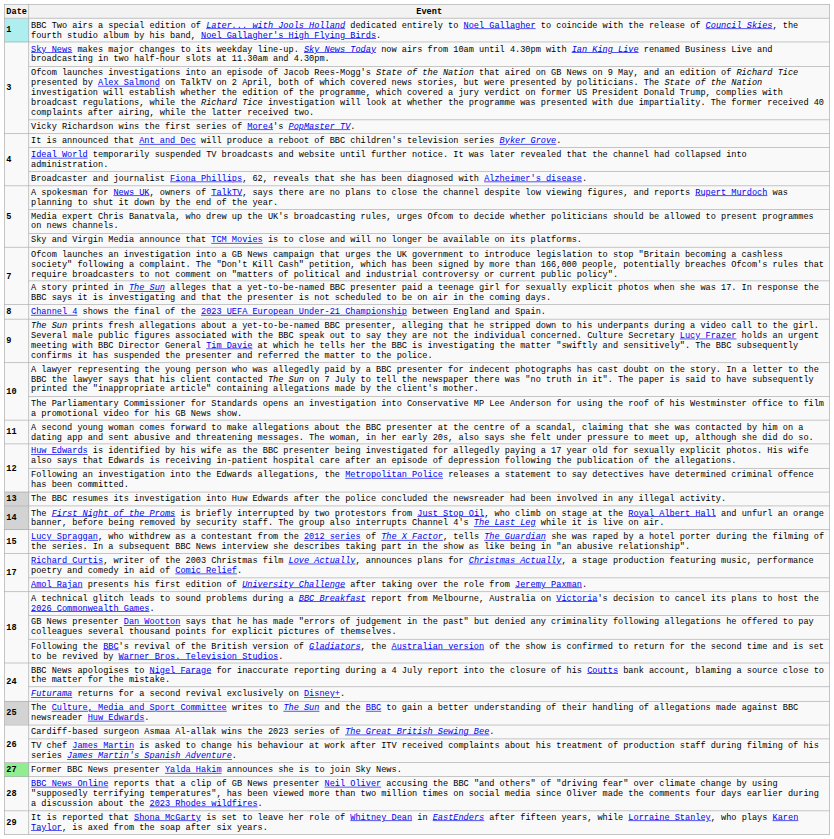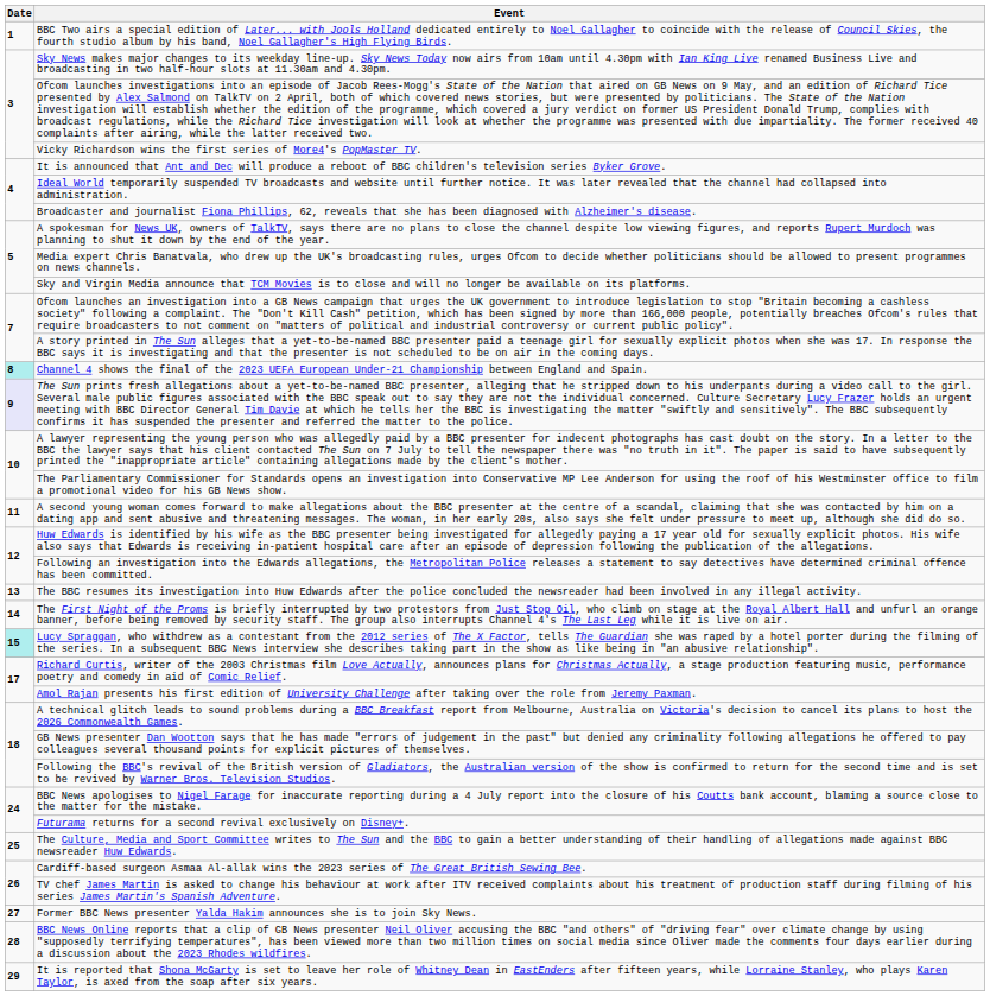 <table class="wikitable">
 <tr>
 <th>Date</th>
 <th>Event</th>
 </tr>
 <tr>
-<td style="background: paleturquoise;"><strong>1</strong></td>
+<td><strong>1</strong></td>
 <td>BBC Two airs a special edition of <em><a href='#'>Later... with Jools Holland</a></em> dedicated entirely to <a href='#'>Noel Gallagher</a> to coincide with the release of <em><a href='#'>Council Skies</a></em>, the fourth studio album by his band, <a href='#'>Noel Gallagher's High Flying Birds</a>.</td>
 </tr>
 <tr>
 <td rowspan=3><strong>3</strong></td>
 <td><a href='#'>Sky News</a> makes major changes to its weekday line-up. <em><a href='#'>Sky News Today</a></em> now airs from 10am until 4.30pm with <em><a href='#'>Ian King Live</a></em> renamed Business Live and broadcasting in two half-hour slots at 11.30am and 4.30pm.</td>
 </tr>
 <tr>
 <td>Ofcom launches investigations into an episode of Jacob Rees-Mogg's <em>State of the Nation</em> that aired on GB News on 9 May, and an edition of <em>Richard Tice</em> presented by <a href='#'>Alex Salmond</a> on TalkTV on 2 April, both of which covered news stories, but were presented by politicians. The <em>State of the Nation</em> investigation will establish whether the edition of the programme, which covered a jury verdict on former US President Donald Trump, complies with broadcast regulations, while the <em>Richard Tice</em> investigation will look at whether the programme was presented with due impartiality. The former received 40 complaints after airing, while the latter received two.</td>
 </tr>
 <tr>
 <td>Vicky Richardson wins the first series of <a href='#'>More4</a>'s <em><a href='#'>PopMaster TV</a></em>.</td>
 </tr>
 <tr>
 <td rowspan=3><strong>4</strong></td>
 <td>It is announced that <a href='#'>Ant and Dec</a> will produce a reboot of BBC children's television series <em><a href='#'>Byker Grove</a></em>.</td>
 </tr>
 <tr>
 <td><a href='#'>Ideal World</a> temporarily suspended TV broadcasts and website until further notice. It was later revealed that the channel had collapsed into administration.</td>
 </tr>
 <tr>
 <td>Broadcaster and journalist <a href='#'>Fiona Phillips</a>, 62, reveals that she has been diagnosed with <a href='#'>Alzheimer's disease</a>.</td>
 </tr>
 <tr>
 <td rowspan=3><strong>5</strong></td>
 <td>A spokesman for <a href='#'>News UK</a>, owners of <a href='#'>TalkTV</a>, says there are no plans to close the channel despite low viewing figures, and reports <a href='#'>Rupert Murdoch</a> was planning to shut it down by the end of the year.</td>
 </tr>
 <tr>
 <td>Media expert Chris Banatvala, who drew up the UK's broadcasting rules, urges Ofcom to decide whether politicians should be allowed to present programmes on news channels.</td>
 </tr>
 <tr>
 <td>Sky and Virgin Media announce that <a href='#'>TCM Movies</a> is to close and will no longer be available on its platforms.</td>
 </tr>
 <tr>
 <td rowspan=2><strong>7</strong></td>
 <td>Ofcom launches an investigation into a GB News campaign that urges the UK government to introduce legislation to stop "Britain becoming a cashless society" following a complaint. The "Don't Kill Cash" petition, which has been signed by more than 166,000 people, potentially breaches Ofcom's rules that require broadcasters to not comment on "matters of political and industrial controversy or current public policy".</td>
 </tr>
 <tr>
 <td>A story printed in <em><a href='#'>The Sun</a></em> alleges that a yet-to-be-named BBC presenter paid a teenage girl for sexually explicit photos when she was 17. In response the BBC says it is investigating and that the presenter is not scheduled to be on air in the coming days.</td>
 </tr>
 <tr>
-<td><strong>8</strong></td>
+<td style="background: paleturquoise;"><strong>8</strong></td>
 <td><a href='#'>Channel 4</a> shows the final of the <a href='#'>2023 UEFA European Under-21 Championship</a> between England and Spain.</td>
 </tr>
 <tr>
-<td><strong>9</strong></td>
+<td style="background: lavender;"><strong>9</strong></td>
 <td><em>The Sun</em> prints fresh allegations about a yet-to-be-named BBC presenter, alleging that he stripped down to his underpants during a video call to the girl. Several male public figures associated with the BBC speak out to say they are not the individual concerned. Culture Secretary <a href='#'>Lucy Frazer</a> holds an urgent meeting with BBC Director General <a href='#'>Tim Davie</a> at which he tells her the BBC is investigating the matter "swiftly and sensitively". The BBC subsequently confirms it has suspended the presenter and referred the matter to the police.</td>
 </tr>
 <tr>
 <td rowspan=2><strong>10</strong></td>
 <td>A lawyer representing the young person who was allegedly paid by a BBC presenter for indecent photographs has cast doubt on the story. In a letter to the BBC the lawyer says that his client contacted <em>The Sun</em> on 7 July to tell the newspaper there was "no truth in it". The paper is said to have subsequently printed the "inappropriate article" containing allegations made by the client's mother.</td>
 </tr>
 <tr>
 <td>The Parliamentary Commissioner for Standards opens an investigation into Conservative MP Lee Anderson for using the roof of his Westminster office to film a promotional video for his GB News show.</td>
 </tr>
 <tr>
 <td><strong>11</strong></td>
 <td>A second young woman comes forward to make allegations about the BBC presenter at the centre of a scandal, claiming that she was contacted by him on a dating app and sent abusive and threatening messages. The woman, in her early 20s, also says she felt under pressure to meet up, although she did do so.</td>
 </tr>
 <tr>
 <td rowspan=2><strong>12</strong></td>
 <td><a href='#'>Huw Edwards</a> is identified by his wife as the BBC presenter being investigated for allegedly paying a 17 year old for sexually explicit photos. His wife also says that Edwards is receiving in-patient hospital care after an episode of depression following the publication of the allegations.</td>
 </tr>
 <tr>
 <td>Following an investigation into the Edwards allegations, the <a href='#'>Metropolitan Police</a> releases a statement to say detectives have determined criminal offence has been committed.</td>
 </tr>
 <tr>
-<td style="background: lightgrey;"><strong>13</strong></td>
+<td><strong>13</strong></td>
 <td>The BBC resumes its investigation into Huw Edwards after the police concluded the newsreader had been involved in any illegal activity.</td>
 </tr>
 <tr>
-<td style="background: lightgrey;"><strong>14</strong></td>
+<td><strong>14</strong></td>
 <td>The <em><a href='#'>First Night of the Proms</a></em> is briefly interrupted by two protestors from <a href='#'>Just Stop Oil</a>, who climb on stage at the <a href='#'>Royal Albert Hall</a> and unfurl an orange banner, before being removed by security staff. The group also interrupts Channel 4's <em><a href='#'>The Last Leg</a></em> while it is live on air.</td>
 </tr>
 <tr>
-<td><strong>15</strong></td>
+<td style="background: paleturquoise;"><strong>15</strong></td>
 <td><a href='#'>Lucy Spraggan</a>, who withdrew as a contestant from the <a href='#'>2012 series</a> of <em><a href='#'>The X Factor</a></em>, tells <em><a href='#'>The Guardian</a></em> she was raped by a hotel porter during the filming of the series. In a subsequent BBC News interview she describes taking part in the show as like being in "an abusive relationship".</td>
 </tr>
 <tr>
 <td rowspan=2><strong>17</strong></td>
 <td><a href='#'>Richard Curtis</a>, writer of the 2003 Christmas film <em><a href='#'>Love Actually</a></em>, announces plans for <em><a href='#'>Christmas Actually</a></em>, a stage production featuring music, performance poetry and comedy in aid of <a href='#'>Comic Relief</a>.</td>
 </tr>
 <tr>
 <td><a href='#'>Amol Rajan</a> presents his first edition of <em><a href='#'>University Challenge</a></em> after taking over the role from <a href='#'>Jeremy Paxman</a>.</td>
 </tr>
 <tr>
 <td rowspan=3><strong>18</strong></td>
 <td>A technical glitch leads to sound problems during a <em><a href='#'>BBC Breakfast</a></em> report from Melbourne, Australia on <a href='#'>Victoria</a>'s decision to cancel its plans to host the <a href='#'>2026 Commonwealth Games</a>.</td>
 </tr>
 <tr>
 <td>GB News presenter <a href='#'>Dan Wootton</a> says that he has made "errors of judgement in the past" but denied any criminality following allegations he offered to pay colleagues several thousand points for explicit pictures of themselves.</td>
 </tr>
 <tr>
 <td>Following the <a href='#'>BBC</a>'s revival of the British version of <em><a href='#'>Gladiators</a></em>, the <a href='#'>Australian version</a> of the show is confirmed to return for the second time and is set to be revived by <a href='#'>Warner Bros. Television Studios</a>.</td>
 </tr>
 <tr>
 <td rowspan=2><strong>24</strong></td>
 <td>BBC News apologises to <a href='#'>Nigel Farage</a> for inaccurate reporting during a 4 July report into the closure of his <a href='#'>Coutts</a> bank account, blaming a source close to the matter for the mistake.</td>
 </tr>
 <tr>
 <td><em><a href='#'>Futurama</a></em> returns for a second revival exclusively on <a href='#'>Disney+</a>.</td>
 </tr>
 <tr>
-<td style="background: lightgrey;"><strong>25</strong></td>
+<td><strong>25</strong></td>
 <td>The <a href='#'>Culture, Media and Sport Committee</a> writes to <em><a href='#'>The Sun</a></em> and the <a href='#'>BBC</a> to gain a better understanding of their handling of allegations made against BBC newsreader <a href='#'>Huw Edwards</a>.</td>
 </tr>
 <tr>
 <td rowspan=2><strong>26</strong></td>
 <td>Cardiff-based surgeon Asmaa Al-allak wins the 2023 series of <em><a href='#'>The Great British Sewing Bee</a></em>.</td>
 </tr>
 <tr>
 <td>TV chef <a href='#'>James Martin</a> is asked to change his behaviour at work after ITV received complaints about his treatment of production staff during filming of his series <em><a href='#'>James Martin's Spanish Adventure</a></em>.</td>
 </tr>
 <tr>
-<td style="background: lightgreen;"><strong>27</strong></td>
+<td><strong>27</strong></td>
 <td>Former BBC News presenter <a href='#'>Yalda Hakim</a> announces she is to join Sky News.</td>
 </tr>
 <tr>
 <td><strong>28</strong></td>
 <td><a href='#'>BBC News Online</a> reports that a clip of GB News presenter <a href='#'>Neil Oliver</a> accusing the BBC "and others" of "driving fear" over climate change by using "supposedly terrifying temperatures", has been viewed more than two million times on social media since Oliver made the comments four days earlier during a discussion about the <a href='#'>2023 Rhodes wildfires</a>.</td>
 </tr>
 <tr>
 <td><strong>29</strong></td>
 <td>It is reported that <a href='#'>Shona McGarty</a> is set to leave her role of <a href='#'>Whitney Dean</a> in <em><a href='#'>EastEnders</a></em> after fifteen years, while <a href='#'>Lorraine Stanley</a>, who plays <a href='#'>Karen Taylor</a>, is axed from the soap after six years.</td>
 </tr>
 </table>
